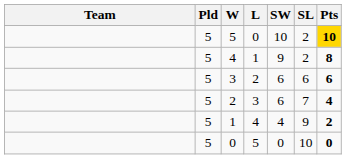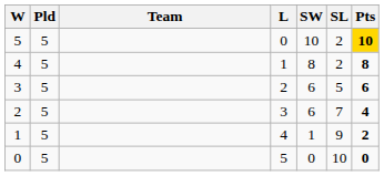 <table class=wikitable style="text-align:center">
 <tr>
+<th width=20>W</th>
+<th width=20>Pld</th>
 <th width=220>Team</th>
-<th width=20>Pld</th>
-<th width=20>W</th>
 <th width=20>L</th>
 <th width=20>SW</th>
 <th width=20>SL</th>
 <th width=20>Pts</th>
 </tr>
 <tr>
-<td align=left></td>
 <td>5</td>
 <td>5</td>
+<td align=left></td>
 <td>0</td>
 <td>10</td>
 <td>2</td>
 <td style="background: gold;"><strong>10</strong></td>
 </tr>
 <tr>
+<td>4</td>
+<td>5</td>
 <td align=left></td>
-<td>5</td>
-<td>4</td>
 <td>1</td>
-<td>9</td>
+<td>8</td>
 <td>2</td>
 <td><strong>8</strong></td>
 </tr>
 <tr>
+<td>3</td>
+<td>5</td>
 <td align=left></td>
-<td>5</td>
-<td>3</td>
 <td>2</td>
 <td>6</td>
-<td>6</td>
+<td>5</td>
 <td><strong>6</strong></td>
 </tr>
 <tr>
+<td>2</td>
+<td>5</td>
 <td align=left></td>
-<td>5</td>
-<td>2</td>
 <td>3</td>
 <td>6</td>
 <td>7</td>
 <td><strong>4</strong></td>
 </tr>
 <tr>
+<td>1</td>
+<td>5</td>
 <td align=left></td>
-<td>5</td>
+<td>4</td>
 <td>1</td>
-<td>4</td>
-<td>4</td>
 <td>9</td>
 <td><strong>2</strong></td>
 </tr>
 <tr>
+<td>0</td>
+<td>5</td>
 <td align=left></td>
-<td>5</td>
-<td>0</td>
 <td>5</td>
 <td>0</td>
 <td>10</td>
 <td><strong>0</strong></td>
 </tr>
 </table>
